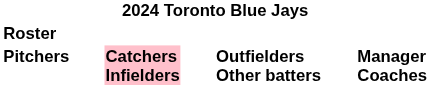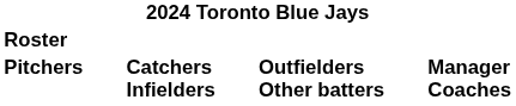 <table class="toccolours" style="font-size: 95%;">
 <tr http://upload.wikimedia.org/wikipedia/en/c/c8/Button_redirect.png>
 <th colspan="10">2024 Toronto Blue Jays</th>
 </tr>
 <tr>
 <td colspan="10"><strong>Roster</strong></td>
 </tr>
 <tr>
 <td valign="top"><strong>Pitchers</strong><br>                              </td>
 <td style="width:25px;"></td>
-<td valign="top" style="background: pink;"><strong>Catchers</strong><br>    <strong>Infielders</strong>            </td>
+<td valign="top"><strong>Catchers</strong><br>    <strong>Infielders</strong>            </td>
 <td style="width:25px;"></td>
 <td valign="top"><strong>Outfielders</strong><br>        <strong>Other batters</strong> </td>
 <td style="width:25px;"></td>
 <td valign="top"><strong>Manager</strong><br> <strong>Coaches</strong>                                </td>
 </tr>
 </table>
